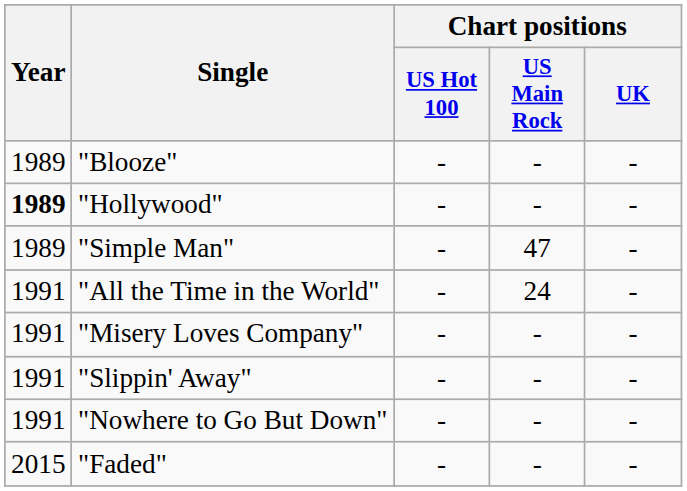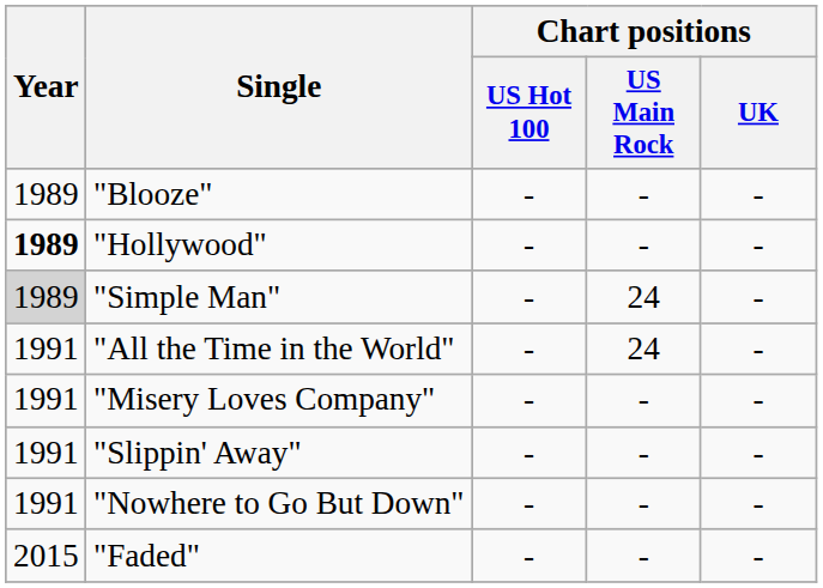 <table class="wikitable" style="text-align:center;">
 <tr>
 <th rowspan="2">Year</th>
 <th rowspan="2">Single</th>
 <th colspan="3">Chart positions</th>
 </tr>
 <tr style="font-size:smaller;">
 <th width="50"><a href='#'>US Hot 100</a></th>
 <th width="50"><a href='#'>US Main Rock</a></th>
 <th width="50"><a href='#'>UK</a></th>
 </tr>
 <tr>
 <td>1989</td>
 <td align="left">"Blooze"</td>
 <td>-</td>
 <td>-</td>
 <td>-</td>
 </tr>
 <tr>
 <td><strong>1989</strong></td>
 <td align="left">"Hollywood"</td>
 <td>-</td>
 <td>-</td>
 <td>-</td>
 </tr>
 <tr>
-<td>1989</td>
+<td style="background: lightgrey;">1989</td>
 <td align="left">"Simple Man"</td>
 <td>-</td>
-<td>47</td>
+<td>24</td>
 <td>-</td>
 </tr>
 <tr>
 <td>1991</td>
 <td align="left">"All the Time in the World"</td>
 <td>-</td>
 <td>24</td>
 <td>-</td>
 </tr>
 <tr>
 <td>1991</td>
 <td align="left">"Misery Loves Company"</td>
 <td>-</td>
 <td>-</td>
 <td>-</td>
 </tr>
 <tr>
 <td>1991</td>
 <td align="left">"Slippin' Away"</td>
 <td>-</td>
 <td>-</td>
 <td>-</td>
 </tr>
 <tr>
 <td>1991</td>
 <td align="left">"Nowhere to Go But Down"</td>
 <td>-</td>
 <td>-</td>
 <td>-</td>
 </tr>
 <tr>
 <td>2015</td>
 <td align="left">"Faded"</td>
 <td>-</td>
 <td>-</td>
 <td>-</td>
 </tr>
 </table>
